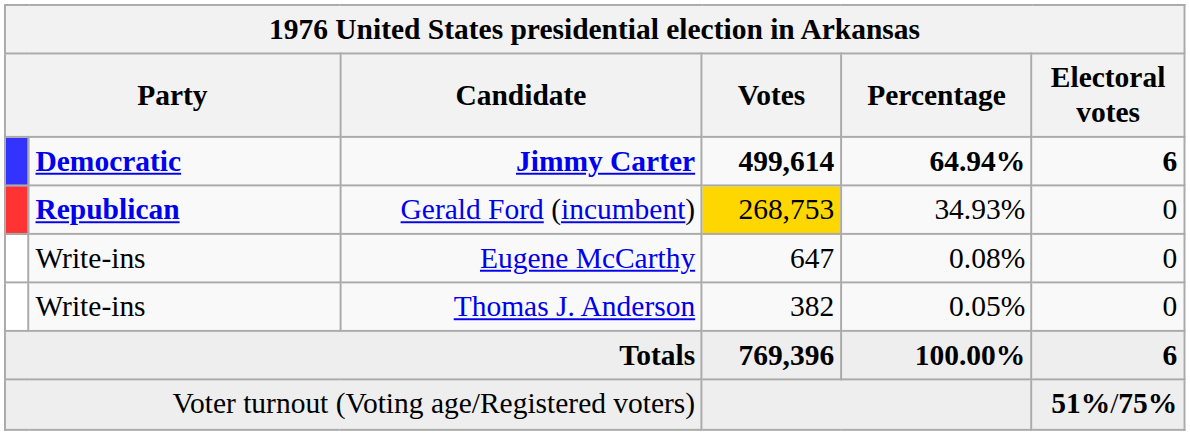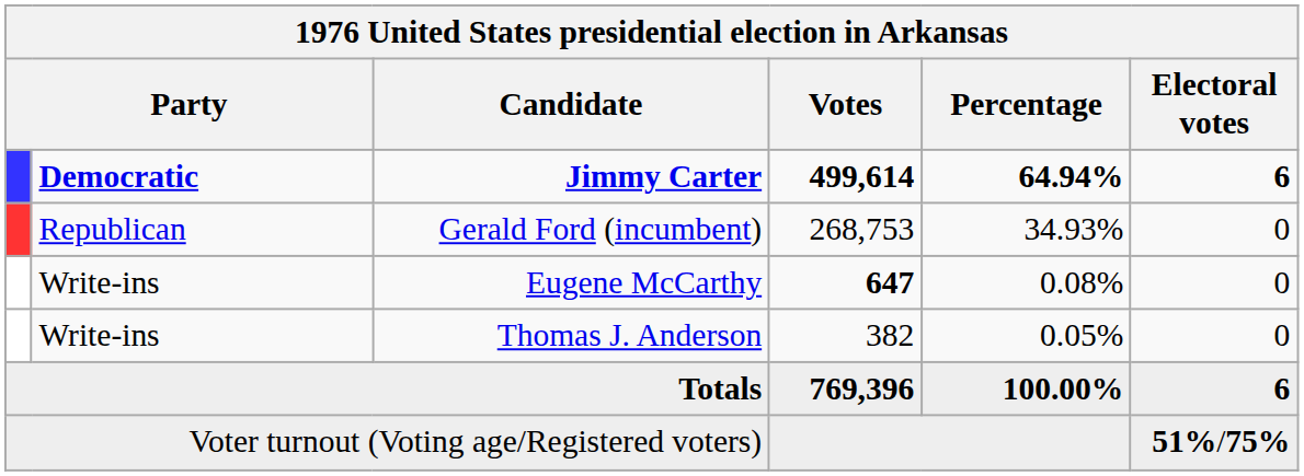 <table class="wikitable" style="font-size: 95%;">
 <tr>
 <th colspan="6">1976 United States presidential election in Arkansas</th>
 </tr>
 <tr>
 <th colspan="2" style="width: 15em">Party</th>
 <th style="width: 17em">Candidate</th>
 <th style="width: 5em">Votes</th>
 <th style="width: 7em">Percentage</th>
 <th style="width: 5em">Electoral votes</th>
 </tr>
 <tr>
 <th style="background-color:#3333FF; width: 3px"></th>
 <td style="width: 130px"><strong><a href='#'>Democratic</a></strong></td>
 <td align="right"><strong><a href='#'>Jimmy Carter</a></strong></td>
 <td align="right"><strong>499,614</strong></td>
 <td align="right"><strong>64.94%</strong></td>
 <td align="right"><strong>6</strong></td>
 </tr>
 <tr>
 <th style="background-color:#FF3333; width: 3px"></th>
-<td style="width: 130px"><strong><a href='#'>Republican</a></strong></td>
+<td style="width: 130px"><a href='#'>Republican</a></td>
 <td align="right"><a href='#'>Gerald Ford</a> (<a href='#'>incumbent</a>)</td>
-<td align="right" style="background: gold;">268,753</td>
+<td align="right">268,753</td>
 <td align="right">34.93%</td>
 <td align="right">0</td>
 </tr>
 <tr>
 <th style="background-color:White; width: 3px"></th>
 <td style="width: 130px">Write-ins</td>
 <td align="right"><a href='#'>Eugene McCarthy</a></td>
-<td align="right">647</td>
+<td align="right"><strong>647</strong></td>
 <td align="right">0.08%</td>
 <td align="right">0</td>
 </tr>
 <tr>
 <th style="background-color:White; width: 3px"></th>
 <td style="width: 130px">Write-ins</td>
 <td align="right"><a href='#'>Thomas J. Anderson</a></td>
 <td align="right">382</td>
 <td align="right">0.05%</td>
 <td align="right">0</td>
 </tr>
 <tr bgcolor="#EEEEEE">
 <td colspan="3" align="right"><strong>Totals</strong></td>
 <td align="right"><strong>769,396</strong></td>
 <td align="right"><strong>100.00%</strong></td>
 <td align="right"><strong>6</strong></td>
 </tr>
 <tr bgcolor="#EEEEEE">
 <td colspan="3" align="right">Voter turnout (Voting age/Registered voters)</td>
 <td colspan="2" align="right"></td>
 <td align="right"><strong>51%</strong>/<strong>75%</strong></td>
 </tr>
 </table>
